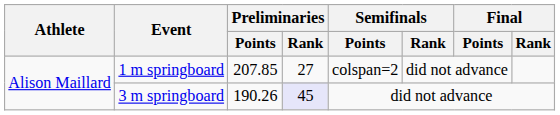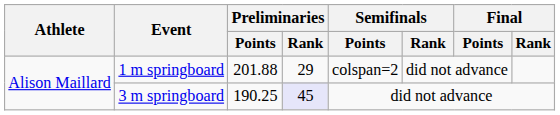 <table class="wikitable" style="text-align:center; font-size:90%">
 <tr>
 <th rowspan=2>Athlete</th>
 <th rowspan=2>Event</th>
 <th colspan=2>Preliminaries</th>
 <th colspan=2>Semifinals</th>
 <th colspan=2>Final</th>
 </tr>
 <tr style="font-size:95%">
 <th>Points</th>
 <th>Rank</th>
 <th>Points</th>
 <th>Rank</th>
 <th>Points</th>
 <th>Rank</th>
 </tr>
 <tr>
 <td align=left rowspan=2><a href='#'>Alison Maillard</a></td>
 <td align=left><a href='#'>1 m springboard</a></td>
-<td>207.85</td>
-<td>27</td>
+<td>201.88</td>
+<td>29</td>
 <td>colspan=2 </td>
 <td colspan=2>did not advance</td>
 </tr>
 <tr>
 <td align=left><a href='#'>3 m springboard</a></td>
-<td>190.26</td>
+<td>190.25</td>
 <td style="background: lavender;">45</td>
 <td colspan=4>did not advance</td>
 </tr>
 </table>
